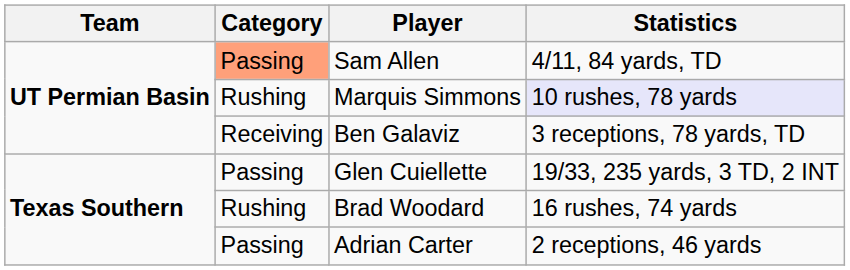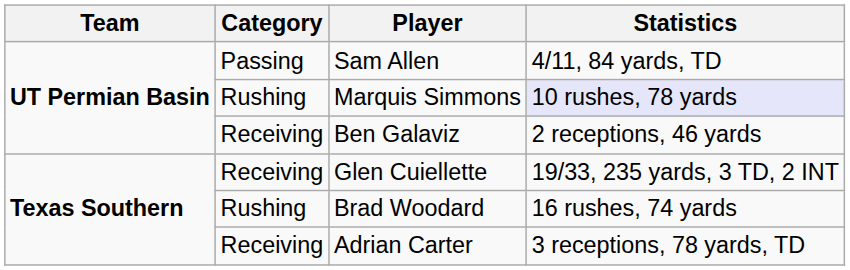 <table class="wikitable" style="float: right;">
 <tr>
 <th>Team</th>
 <th>Category</th>
 <th>Player</th>
 <th>Statistics</th>
 </tr>
 <tr>
 <td rowspan=3><strong>UT Permian Basin</strong></td>
-<td style="background: lightsalmon;">Passing</td>
+<td>Passing</td>
 <td>Sam Allen</td>
 <td>4/11, 84 yards, TD</td>
 </tr>
 <tr>
 <td>Rushing</td>
 <td>Marquis Simmons</td>
 <td style="background: lavender;">10 rushes, 78 yards</td>
 </tr>
 <tr>
 <td>Receiving</td>
 <td>Ben Galaviz</td>
-<td>3 receptions, 78 yards, TD</td>
+<td>2 receptions, 46 yards</td>
 </tr>
 <tr>
 <td rowspan=3><strong>Texas Southern</strong></td>
-<td>Passing</td>
+<td>Receiving</td>
 <td>Glen Cuiellette</td>
 <td>19/33, 235 yards, 3 TD, 2 INT</td>
 </tr>
 <tr>
 <td>Rushing</td>
 <td>Brad Woodard</td>
 <td>16 rushes, 74 yards</td>
 </tr>
 <tr>
-<td>Passing</td>
+<td>Receiving</td>
 <td>Adrian Carter</td>
-<td>2 receptions, 46 yards</td>
+<td>3 receptions, 78 yards, TD</td>
 </tr>
 </table>
